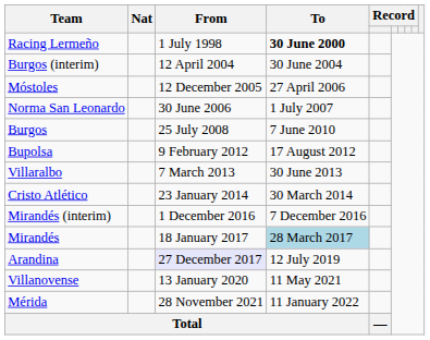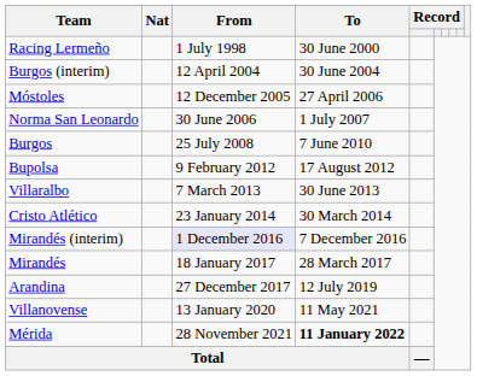 <table class="wikitable" style="text-align: center">
 <tr>
 <th rowspan="2">Team</th>
 <th rowspan="2">Nat</th>
 <th rowspan="2">From</th>
 <th rowspan="2">To</th>
 <th colspan="5">Record</th>
 <th rowspan=2></th>
 </tr>
 <tr>
 <th></th>
 <th></th>
 <th></th>
 <th></th>
 <th></th>
 </tr>
 <tr>
 <td align=left><a href='#'>Racing Lermeño</a></td>
 <td></td>
 <td align=left>1 July 1998</td>
-<td align=left><strong>30 June 2000<br></strong></td>
+<td align=left>30 June 2000<br></td>
 <td></td>
 </tr>
 <tr>
 <td align=left><a href='#'>Burgos</a> (interim)</td>
 <td></td>
 <td align=left>12 April 2004</td>
 <td align=left>30 June 2004<br></td>
 <td></td>
 </tr>
 <tr>
 <td align=left><a href='#'>Móstoles</a></td>
 <td></td>
 <td align=left>12 December 2005</td>
 <td align=left>27 April 2006<br></td>
 <td></td>
 </tr>
 <tr>
 <td align=left><a href='#'>Norma San Leonardo</a></td>
 <td></td>
 <td align=left>30 June 2006</td>
 <td align=left>1 July 2007<br></td>
 <td></td>
 </tr>
 <tr>
 <td align=left><a href='#'>Burgos</a></td>
 <td></td>
 <td align=left>25 July 2008</td>
 <td align=left>7 June 2010<br></td>
 <td></td>
 </tr>
 <tr>
 <td align=left><a href='#'>Bupolsa</a></td>
 <td></td>
 <td align=left>9 February 2012</td>
 <td align=left>17 August 2012<br></td>
 <td></td>
 </tr>
 <tr>
 <td align=left><a href='#'>Villaralbo</a></td>
 <td></td>
 <td align=left>7 March 2013</td>
 <td align=left>30 June 2013<br></td>
 <td></td>
 </tr>
 <tr>
 <td align=left><a href='#'>Cristo Atlético</a></td>
 <td></td>
 <td align=left>23 January 2014</td>
 <td align=left>30 March 2014<br></td>
 <td></td>
 </tr>
 <tr>
 <td align=left><a href='#'>Mirandés</a> (interim)</td>
 <td></td>
-<td align=left>1 December 2016</td>
+<td align=left style="background: lavender;">1 December 2016</td>
 <td align=left>7 December 2016<br></td>
 <td></td>
 </tr>
 <tr>
 <td align=left><a href='#'>Mirandés</a></td>
 <td></td>
 <td align=left>18 January 2017</td>
-<td align=left style="background: lightblue;">28 March 2017<br></td>
+<td align=left>28 March 2017<br></td>
 <td></td>
 </tr>
 <tr>
 <td align=left><a href='#'>Arandina</a></td>
 <td></td>
-<td align=left style="background: lavender;">27 December 2017</td>
+<td align=left>27 December 2017</td>
 <td align=left>12 July 2019<br></td>
 <td></td>
 </tr>
 <tr>
 <td align=left><a href='#'>Villanovense</a></td>
 <td></td>
 <td align=left>13 January 2020</td>
 <td align=left>11 May 2021<br></td>
 <td></td>
 </tr>
 <tr>
 <td align=left><a href='#'>Mérida</a></td>
 <td></td>
 <td align=left>28 November 2021</td>
-<td align=left>11 January 2022<br></td>
+<td align=left><strong>11 January 2022<br></strong></td>
 <td></td>
 </tr>
 <tr>
 <th colspan="4">Total<br></th>
 <th>—</th>
 </tr>
 </table>
